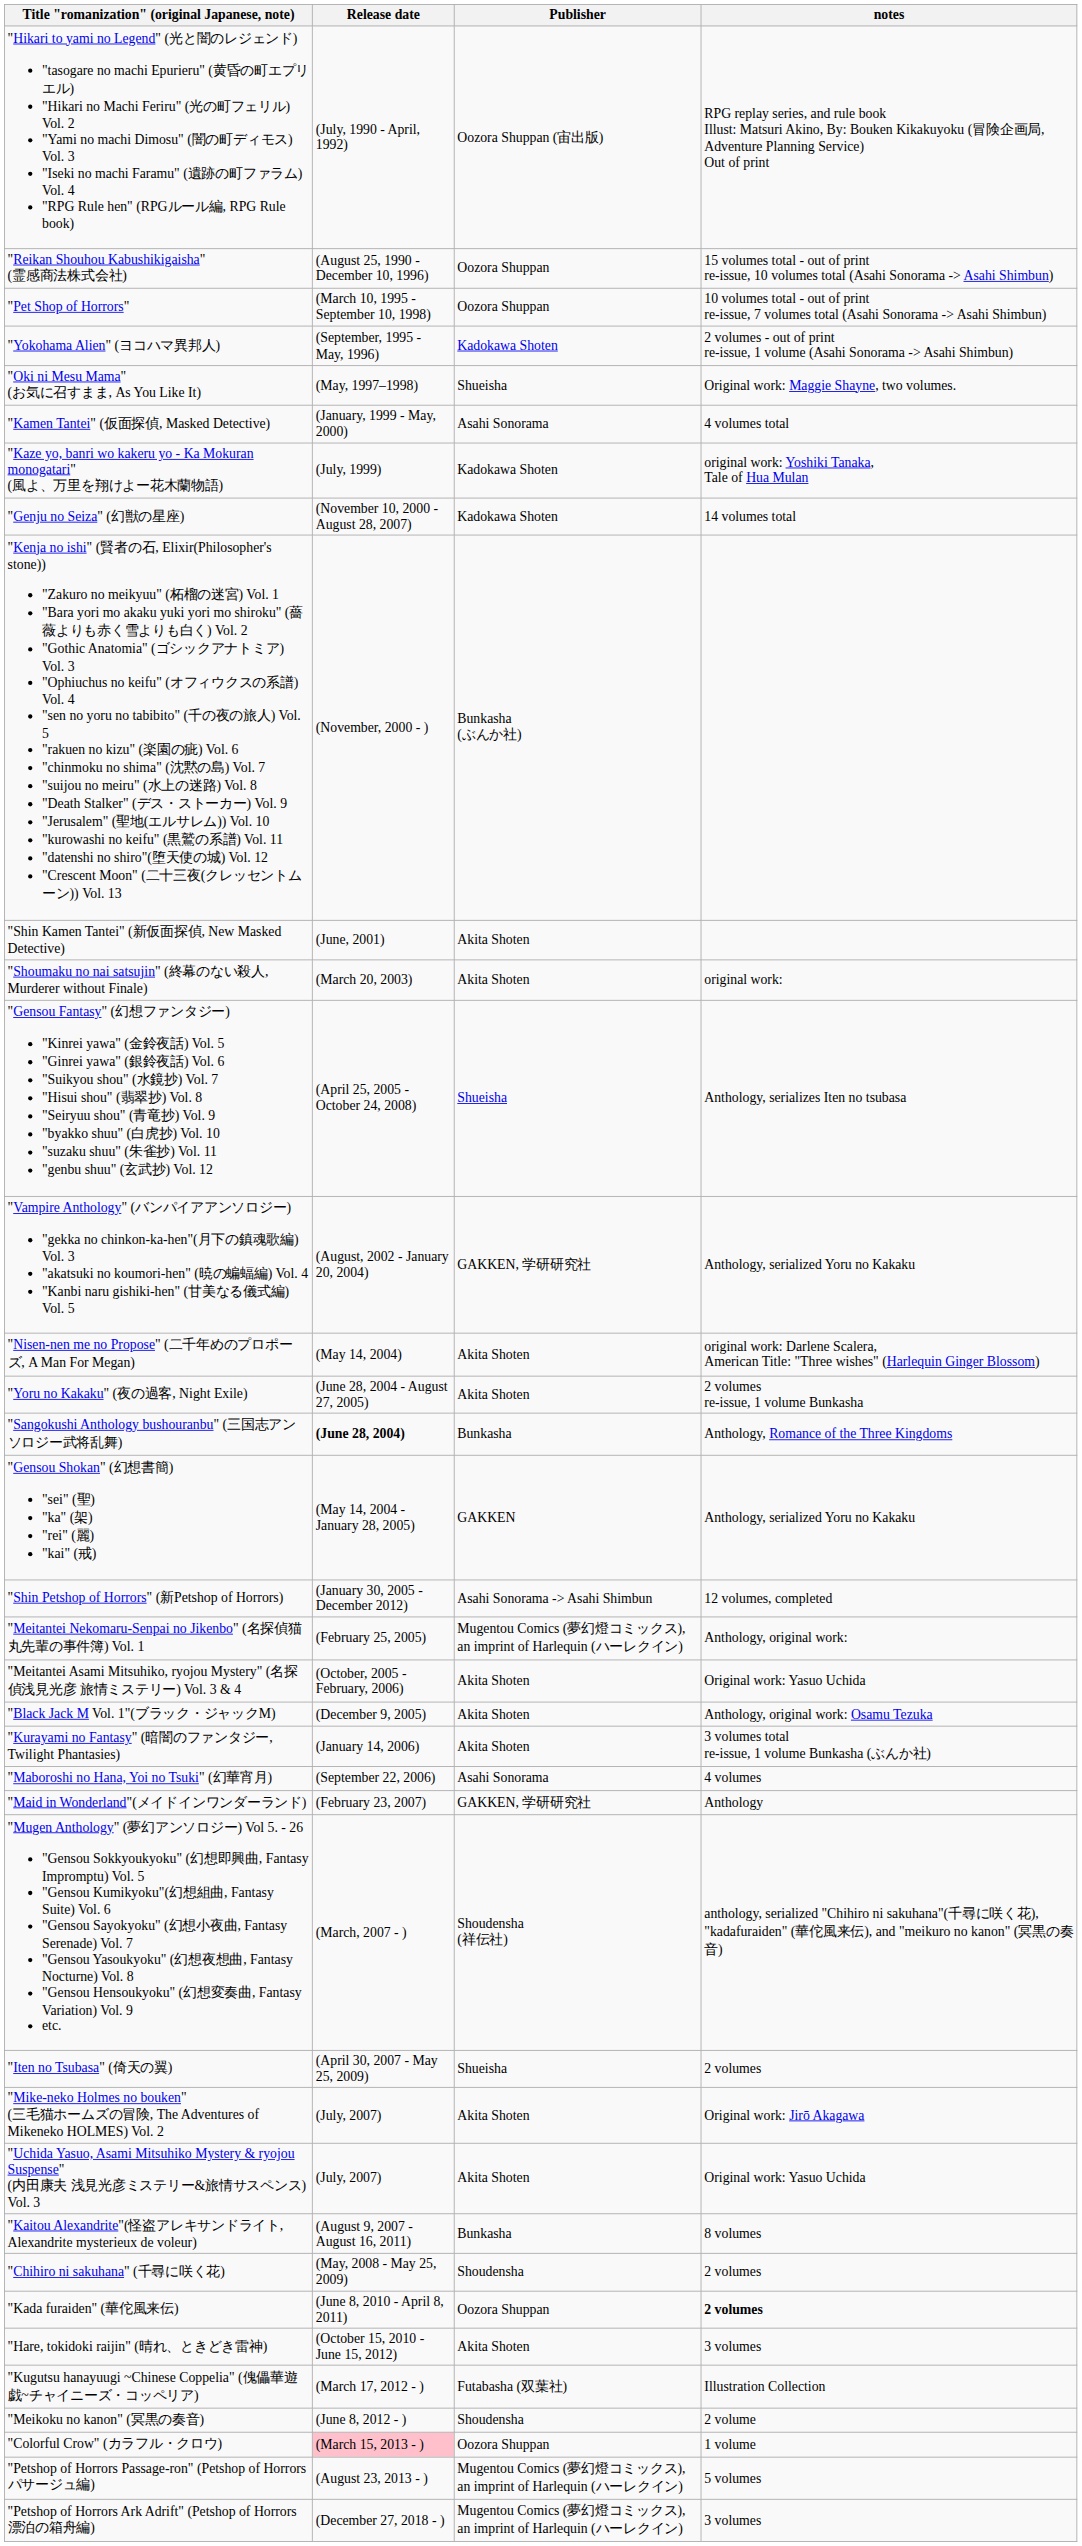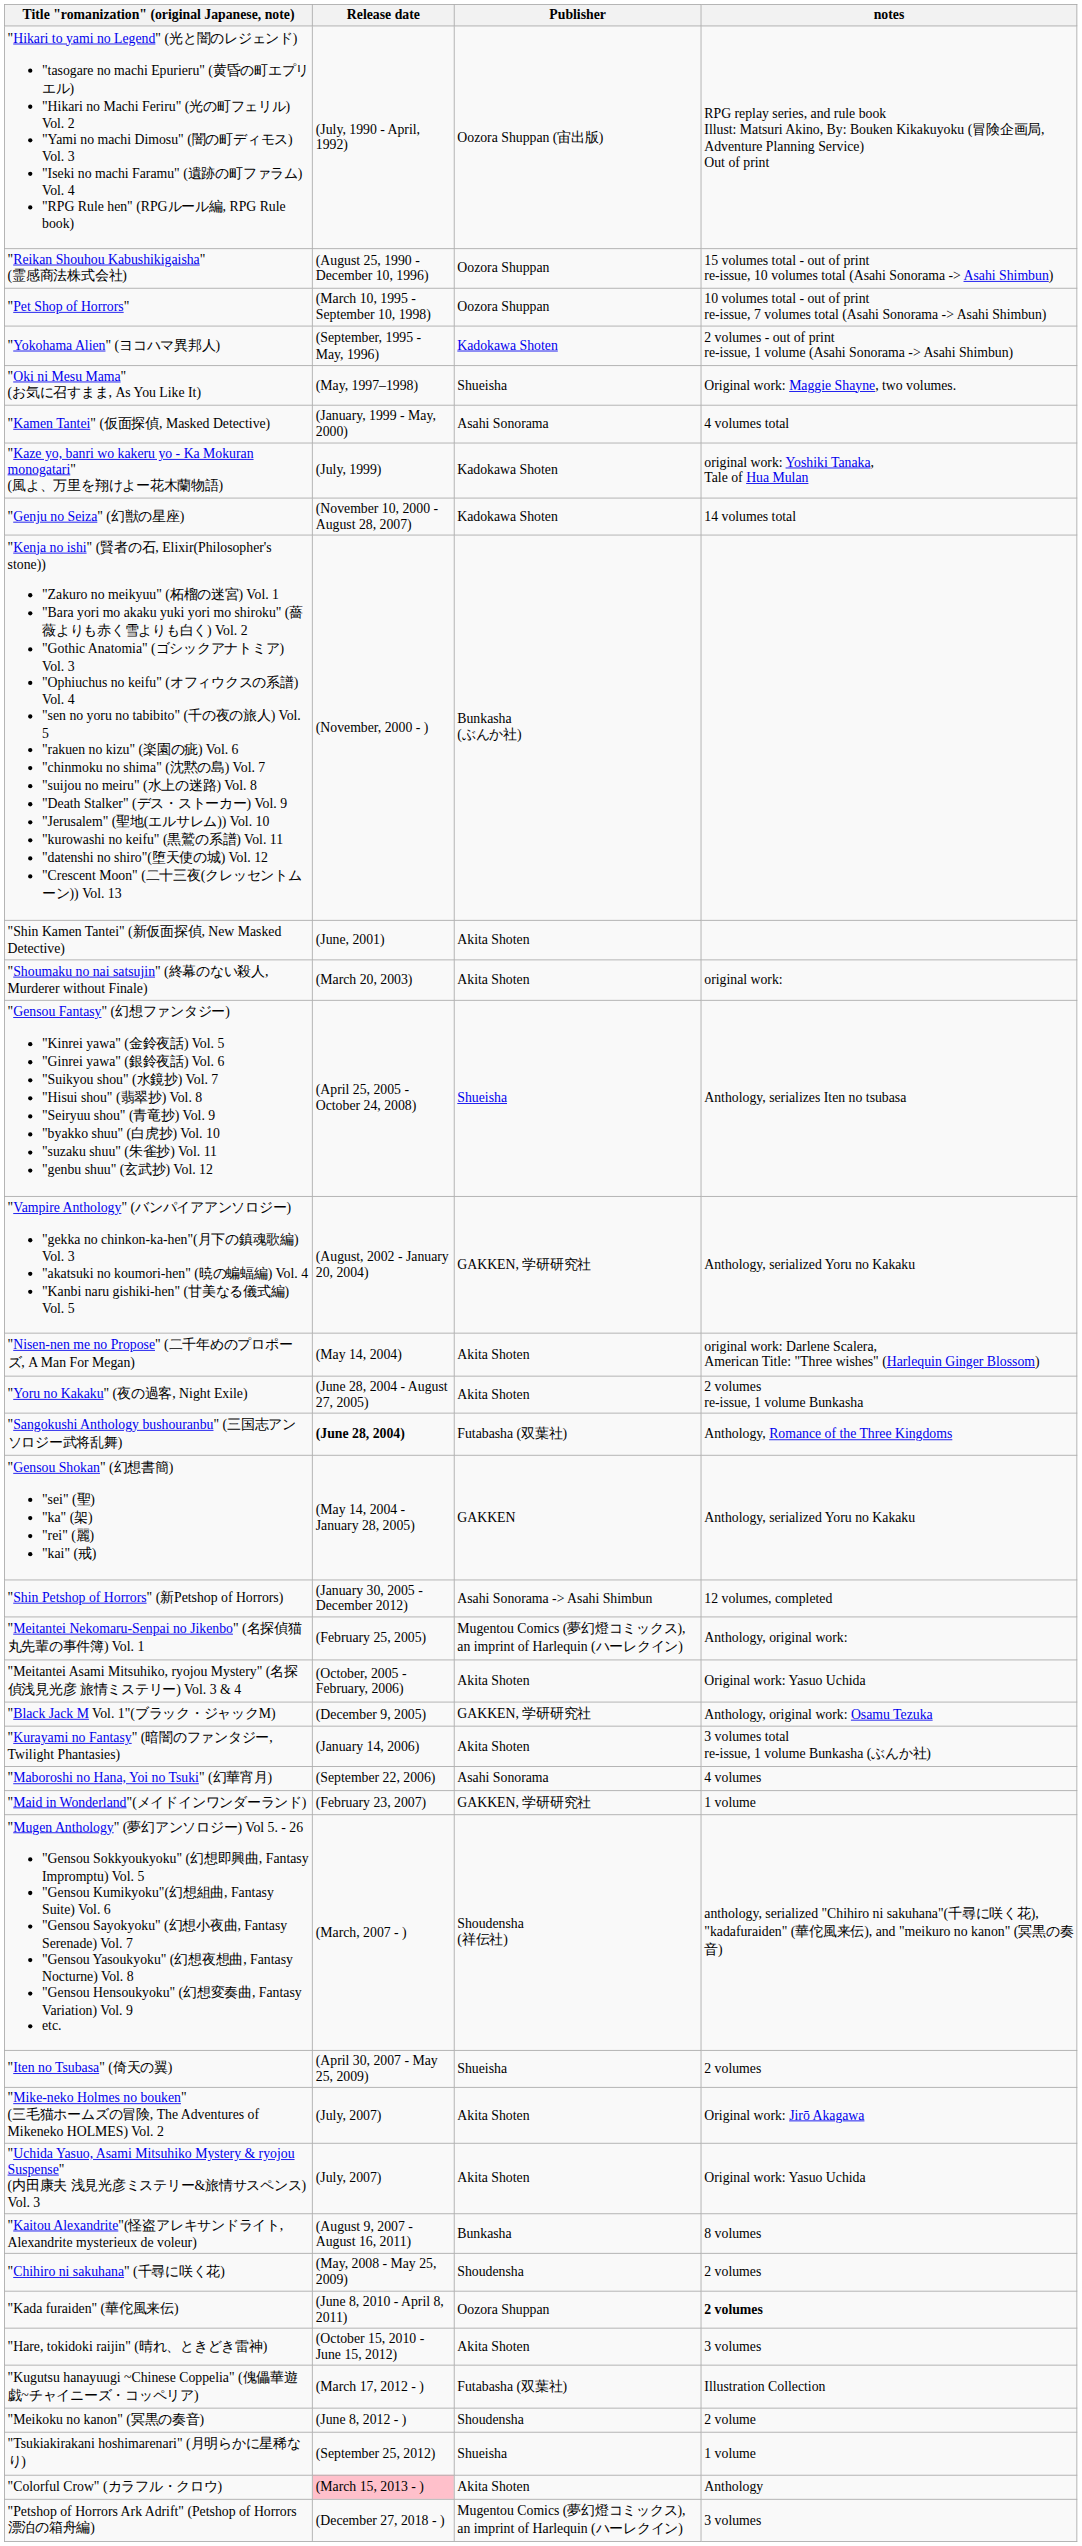 <table class="wikitable">
 <tr>
 <th>Title "romanization" (original Japanese, note)</th>
 <th>Release date</th>
 <th>Publisher</th>
 <th>notes</th>
 </tr>
 <tr>
 <td>"<a href='#'>Hikari to yami no Legend</a>" (光と闇のレジェンド)<br><ul><li>"tasogare no machi Epurieru" (黄昏の町エプリエル)</li><li>"Hikari no Machi Feriru" (光の町フェリル) Vol.  2</li><li>"Yami no machi Dimosu" (闇の町ディモス) Vol.  3</li><li>"Iseki no machi Faramu" (遺跡の町ファラム) Vol.  4</li><li>"RPG Rule hen" (RPGルール編, RPG Rule book)</li></ul></td>
 <td>(July, 1990 - April, 1992)</td>
 <td>Oozora Shuppan (宙出版)</td>
 <td>RPG replay series, and rule book<br>Illust: Matsuri Akino, By: Bouken Kikakuyoku (冒険企画局, Adventure Planning Service) <br> Out of print</td>
 </tr>
 <tr>
 <td>"<a href='#'>Reikan Shouhou Kabushikigaisha</a>"<br>(霊感商法株式会社)</td>
 <td>(August 25, 1990 - December 10, 1996)</td>
 <td>Oozora Shuppan</td>
 <td>15 volumes total - out of print<br>re-issue, 10 volumes total (Asahi Sonorama -> <a href='#'>Asahi Shimbun</a>)</td>
 </tr>
 <tr>
 <td>"<a href='#'>Pet Shop of Horrors</a>"</td>
 <td>(March 10, 1995 - September 10, 1998)</td>
 <td>Oozora Shuppan</td>
 <td>10 volumes total - out of print<br>re-issue, 7 volumes total (Asahi Sonorama -> Asahi Shimbun)</td>
 </tr>
 <tr>
 <td>"<a href='#'>Yokohama Alien</a>" (ヨコハマ異邦人)</td>
 <td>(September, 1995 -　May, 1996)</td>
 <td><a href='#'>Kadokawa Shoten</a></td>
 <td>2 volumes - out of print<br>re-issue, 1 volume (Asahi Sonorama -> Asahi Shimbun)</td>
 </tr>
 <tr>
 <td>"<a href='#'>Oki ni Mesu Mama</a>"<br>(お気に召すまま, As You Like It)</td>
 <td>(May, 1997–1998)</td>
 <td>Shueisha</td>
 <td>Original work: <a href='#'>Maggie Shayne</a>, two volumes.</td>
 </tr>
 <tr>
 <td>"<a href='#'>Kamen Tantei</a>" (仮面探偵, Masked Detective)</td>
 <td>(January, 1999 - May, 2000)</td>
 <td>Asahi Sonorama</td>
 <td>4 volumes total</td>
 </tr>
 <tr>
 <td>"<a href='#'>Kaze yo, banri wo kakeru yo - Ka Mokuran monogatari</a>"<br>(風よ、万里を翔けよー花木蘭物語)</td>
 <td>(July, 1999)</td>
 <td>Kadokawa Shoten</td>
 <td>original work: <a href='#'>Yoshiki Tanaka</a>,<br>Tale of <a href='#'>Hua Mulan</a></td>
 </tr>
 <tr>
 <td>"<a href='#'>Genju no Seiza</a>" (幻獣の星座)</td>
 <td>(November 10, 2000 - August 28, 2007)</td>
 <td>Kadokawa Shoten</td>
 <td>14 volumes total</td>
 </tr>
 <tr>
 <td>"<a href='#'>Kenja no ishi</a>" (賢者の石, Elixir(Philosopher's stone))<br><ul><li>"Zakuro no meikyuu" (柘榴の迷宮) Vol. 1</li><li>"Bara yori mo akaku yuki yori mo shiroku" (薔薇よりも赤く雪よりも白く) Vol. 2</li><li>"Gothic Anatomia" (ゴシックアナトミア) Vol. 3</li><li>"Ophiuchus no keifu" (オフィウクスの系譜) Vol. 4</li><li>"sen no yoru no tabibito" (千の夜の旅人) Vol. 5</li><li>"rakuen no kizu" (楽園の疵) Vol. 6</li><li>"chinmoku no shima" (沈黙の島) Vol. 7</li><li>"suijou no meiru" (水上の迷路) Vol. 8</li><li>"Death Stalker" (デス・ストーカー) Vol. 9</li><li>"Jerusalem" (聖地(エルサレム)) Vol. 10</li><li>"kurowashi no keifu" (黒鷲の系譜) Vol. 11</li><li>"datenshi no shiro"(堕天使の城) Vol. 12</li><li>"Crescent Moon" (二十三夜(クレッセントムーン)) Vol. 13</li></ul></td>
 <td>(November, 2000 - )</td>
 <td>Bunkasha<br>(ぶんか社)</td>
 <td></td>
 </tr>
 <tr>
 <td>"Shin Kamen Tantei" (新仮面探偵, New Masked Detective)</td>
 <td>(June, 2001)</td>
 <td>Akita Shoten</td>
 <td></td>
 </tr>
 <tr>
 <td>"<a href='#'>Shoumaku no nai satsujin</a>" (終幕のない殺人, Murderer without Finale)</td>
 <td>(March 20, 2003)</td>
 <td>Akita Shoten</td>
 <td>original work: </td>
 </tr>
 <tr>
 <td>"<a href='#'>Gensou Fantasy</a>" (幻想ファンタジー)<br><ul><li>"Kinrei yawa" (金鈴夜話) Vol. 5</li><li>"Ginrei yawa" (銀鈴夜話) Vol. 6</li><li>"Suikyou shou" (水鏡抄) Vol. 7</li><li>"Hisui shou" (翡翠抄) Vol. 8</li><li>"Seiryuu shou" (青竜抄) Vol. 9</li><li>"byakko shuu" (白虎抄) Vol. 10</li><li>"suzaku shuu" (朱雀抄) Vol. 11</li><li>"genbu shuu" (玄武抄) Vol. 12</li></ul></td>
 <td>(April 25, 2005 - October 24, 2008)</td>
 <td><a href='#'>Shueisha</a></td>
 <td>Anthology, serializes Iten no tsubasa</td>
 </tr>
 <tr>
 <td>"<a href='#'>Vampire Anthology</a>" (バンパイアアンソロジー)<br><ul><li>"gekka no chinkon-ka-hen"(月下の鎮魂歌編) Vol. 3</li><li>"akatsuki no koumori-hen" (暁の蝙蝠編) Vol. 4</li><li>"Kanbi naru gishiki-hen" (甘美なる儀式編) Vol. 5</li></ul></td>
 <td>(August, 2002 - January 20, 2004)</td>
 <td>GAKKEN, 学研研究社</td>
 <td>Anthology, serialized Yoru no Kakaku</td>
 </tr>
 <tr>
 <td>"<a href='#'>Nisen-nen me no Propose</a>" (二千年めのプロポーズ, A Man For Megan)</td>
 <td>(May 14, 2004)</td>
 <td>Akita Shoten</td>
 <td>original work: Darlene Scalera,<br>American Title: "Three wishes" (<a href='#'>Harlequin Ginger Blossom</a>)</td>
 </tr>
 <tr>
 <td>"<a href='#'>Yoru no Kakaku</a>" (夜の過客, Night Exile)</td>
 <td>(June 28, 2004 - August 27, 2005)</td>
 <td>Akita Shoten</td>
 <td>2 volumes<br>re-issue, 1 volume Bunkasha</td>
 </tr>
 <tr>
 <td>"<a href='#'>Sangokushi Anthology bushouranbu</a>" (三国志アンソロジー武将乱舞)</td>
 <td><strong>(June 28, 2004)</strong></td>
-<td>Bunkasha</td>
+<td>Futabasha (双葉社)</td>
 <td>Anthology,  <a href='#'>Romance of the Three Kingdoms</a></td>
 </tr>
 <tr>
 <td>"<a href='#'>Gensou Shokan</a>" (幻想書簡)<br><ul><li>"sei" (聖)</li><li>"ka" (架)</li><li>"rei" (麗)</li><li>"kai" (戒)</li></ul></td>
 <td>(May 14, 2004 - January 28, 2005)</td>
 <td>GAKKEN</td>
 <td>Anthology, serialized Yoru no Kakaku</td>
 </tr>
 <tr>
 <td>"<a href='#'>Shin Petshop of Horrors</a>" (新Petshop of Horrors)</td>
 <td>(January 30, 2005 - December 2012)</td>
 <td>Asahi Sonorama -> Asahi Shimbun</td>
 <td>12 volumes, completed</td>
 </tr>
 <tr>
 <td>"<a href='#'>Meitantei Nekomaru-Senpai no Jikenbo</a>" (名探偵猫丸先輩の事件簿)  Vol. 1</td>
 <td>(February 25, 2005)</td>
 <td>Mugentou Comics (夢幻燈コミックス), an imprint of Harlequin (ハーレクイン)</td>
 <td>Anthology, original work: </td>
 </tr>
 <tr>
 <td>"Meitantei Asami Mitsuhiko, ryojou Mystery" (名探偵浅見光彦 旅情ミステリー)  Vol. 3 & 4</td>
 <td>(October, 2005 - February, 2006)</td>
 <td>Akita Shoten</td>
 <td>Original work: Yasuo Uchida</td>
 </tr>
 <tr>
 <td>"<a href='#'>Black Jack M</a> Vol. 1"(ブラック・ジャックM)</td>
 <td>(December 9, 2005)</td>
-<td>Akita Shoten</td>
+<td>GAKKEN, 学研研究社</td>
 <td>Anthology, original work: <a href='#'>Osamu Tezuka</a></td>
 </tr>
 <tr>
 <td>"<a href='#'>Kurayami no Fantasy</a>" (暗闇のファンタジー, Twilight Phantasies)</td>
 <td>(January 14, 2006)</td>
 <td>Akita Shoten</td>
 <td>3 volumes total<br>re-issue, 1 volume Bunkasha (ぶんか社)</td>
 </tr>
 <tr>
 <td>"<a href='#'>Maboroshi no Hana, Yoi no Tsuki</a>" (幻華宵月)</td>
 <td>(September 22, 2006)</td>
 <td>Asahi Sonorama</td>
 <td>4 volumes</td>
 </tr>
 <tr>
 <td>"<a href='#'>Maid in Wonderland</a>"(メイドインワンダーランド)</td>
 <td>(February 23, 2007)</td>
 <td>GAKKEN, 学研研究社</td>
-<td>Anthology</td>
+<td>1 volume</td>
 </tr>
 <tr>
 <td>"<a href='#'>Mugen Anthology</a>" (夢幻アンソロジー) Vol 5. - 26<br><ul><li>"Gensou Sokkyoukyoku" (幻想即興曲, Fantasy Impromptu) Vol. 5</li><li>"Gensou Kumikyoku"(幻想組曲, Fantasy Suite) Vol. 6</li><li>"Gensou Sayokyoku" (幻想小夜曲, Fantasy Serenade) Vol. 7</li><li>"Gensou Yasoukyoku" (幻想夜想曲, Fantasy Nocturne) Vol. 8</li><li>"Gensou Hensoukyoku" (幻想変奏曲, Fantasy Variation) Vol. 9</li><li>etc.</li></ul></td>
 <td>(March, 2007 - )</td>
 <td>Shoudensha<br>(祥伝社)</td>
 <td>anthology, serialized "Chihiro ni sakuhana"(千尋に咲く花), "kadafuraiden" (華佗風来伝), and "meikuro no kanon" (冥黒の奏音)</td>
 </tr>
 <tr>
 <td>"<a href='#'>Iten no Tsubasa</a>" (倚天の翼)</td>
 <td>(April 30, 2007 - May 25, 2009)</td>
 <td>Shueisha</td>
 <td>2 volumes</td>
 </tr>
 <tr>
 <td>"<a href='#'>Mike-neko Holmes no bouken</a>"<br>(三毛猫ホームズの冒険, The Adventures of Mikeneko HOLMES) Vol. 2</td>
 <td>(July, 2007)</td>
 <td>Akita Shoten</td>
 <td>Original work: <a href='#'>Jirō Akagawa</a></td>
 </tr>
 <tr>
 <td>"<a href='#'>Uchida Yasuo, Asami Mitsuhiko Mystery & ryojou Suspense</a>"<br>(内田康夫 浅見光彦ミステリー&旅情サスペンス) Vol. 3</td>
 <td>(July, 2007)</td>
 <td>Akita Shoten</td>
 <td>Original work: Yasuo Uchida</td>
 </tr>
 <tr>
 <td>"<a href='#'>Kaitou Alexandrite</a>"(怪盗アレキサンドライト, Alexandrite mysterieux de voleur)</td>
 <td>(August 9, 2007 - August 16, 2011)</td>
 <td>Bunkasha</td>
 <td>8 volumes</td>
 </tr>
 <tr>
 <td>"<a href='#'>Chihiro ni sakuhana</a>" (千尋に咲く花)</td>
 <td>(May, 2008 - May 25, 2009)</td>
 <td>Shoudensha</td>
 <td>2 volumes</td>
 </tr>
 <tr>
 <td>"Kada furaiden" (華佗風来伝)</td>
 <td>(June 8, 2010 - April 8, 2011)</td>
 <td>Oozora Shuppan</td>
 <td><strong>2 volumes</strong></td>
 </tr>
 <tr>
 <td>"Hare, tokidoki raijin" (晴れ、ときどき雷神)</td>
 <td>(October 15, 2010 - June 15, 2012)</td>
 <td>Akita Shoten</td>
 <td>3 volumes</td>
 </tr>
 <tr>
 <td>"Kugutsu hanayuugi ~Chinese Coppelia" (傀儡華遊戯~チャイニーズ・コッペリア)</td>
 <td>(March 17, 2012 - )</td>
 <td>Futabasha (双葉社)</td>
 <td>Illustration Collection</td>
 </tr>
 <tr>
 <td>"Meikoku no kanon" (冥黒の奏音)</td>
 <td>(June 8, 2012 - )</td>
 <td>Shoudensha</td>
 <td>2 volume</td>
 </tr>
 <tr>
-<td>"Colorful Crow" (カラフル・クロウ)</td>
-<td style="background: pink;">(March 15, 2013 - )</td>
-<td>Oozora Shuppan</td>
+<td>"Tsukiakirakani hoshimarenari" (月明らかに星稀なり)</td>
+<td>(September 25, 2012)</td>
+<td>Shueisha</td>
 <td>1 volume</td>
 </tr>
 <tr>
-<td>"Petshop of Horrors Passage-ron" (Petshop of Horrors パサージュ編)</td>
-<td>(August 23, 2013 - )</td>
-<td>Mugentou Comics (夢幻燈コミックス), an imprint of Harlequin (ハーレクイン)</td>
-<td>5 volumes</td>
+<td>"Colorful Crow" (カラフル・クロウ)</td>
+<td style="background: pink;">(March 15, 2013 - )</td>
+<td>Akita Shoten</td>
+<td>Anthology</td>
 </tr>
 <tr>
 <td>"Petshop of Horrors Ark Adrift" (Petshop of Horrors 漂泊の箱舟編)</td>
 <td>(December 27, 2018 - )</td>
 <td>Mugentou Comics (夢幻燈コミックス), an imprint of Harlequin (ハーレクイン)</td>
 <td>3 volumes</td>
 </tr>
 </table>
